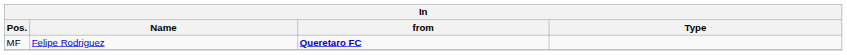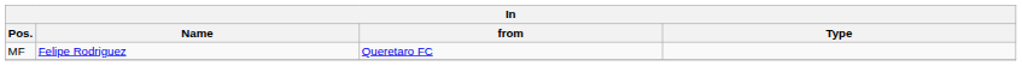 <table class="wikitable" style="font-size:90%;width:99%;">
 <tr>
 <th colspan="4">In</th>
 </tr>
 <tr>
 <th width=3%>Pos.</th>
 <th width=32%>Name</th>
 <th width=30%>from</th>
 <th width=35%>Type</th>
 </tr>
 <tr>
 <td>MF</td>
 <td><a href='#'>Felipe Rodriguez</a></td>
-<td><strong><a href='#'>Queretaro FC</a></strong></td>
+<td><a href='#'>Queretaro FC</a></td>
 <td></td>
 </tr>
 <tr>
 </tr>
 </table>
